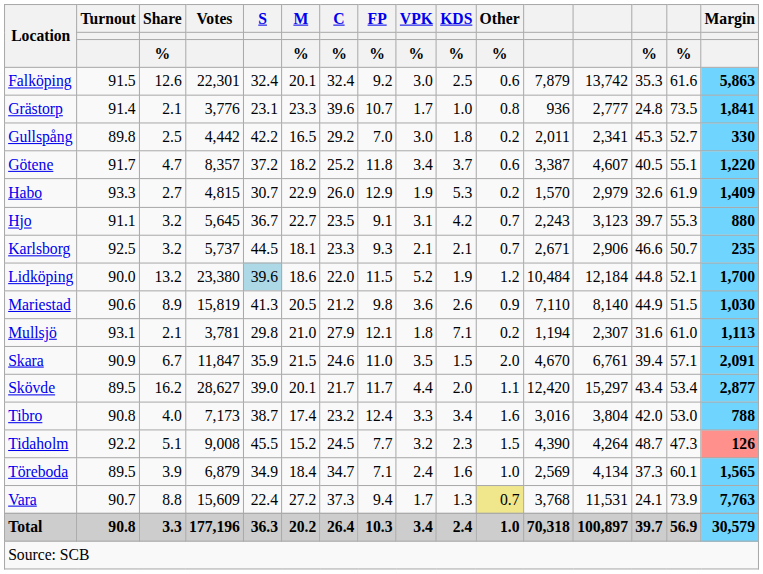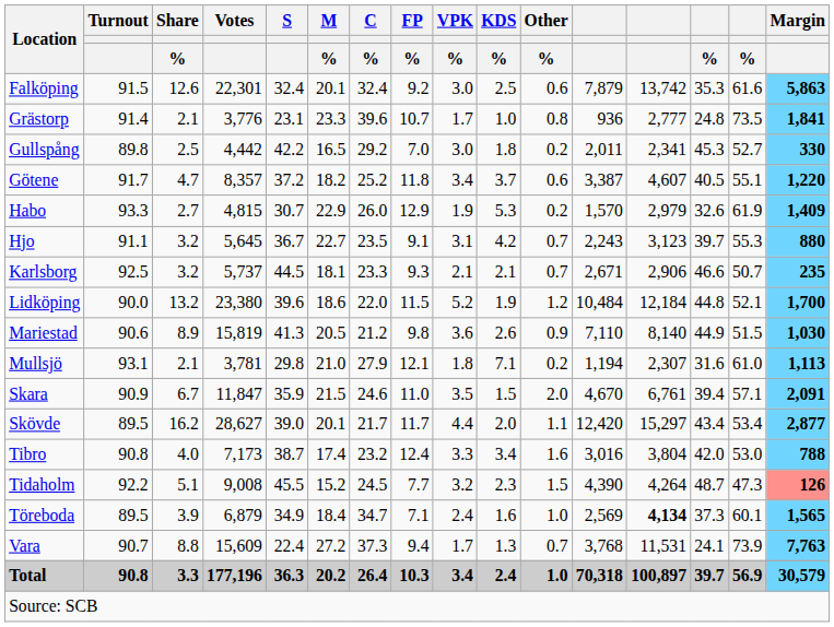 <table class="wikitable sortable" style="text-align:right; font-size:95%; line-height:20px;">
 <tr>
 <th rowspan="3">Location</th>
 <th>Turnout</th>
 <th>Share</th>
 <th>Votes</th>
 <th width="30px" class="unsortable"><a href='#'>S</a></th>
 <th width="30px" class="unsortable"><a href='#'>M</a></th>
 <th width="30px" class="unsortable"><a href='#'>C</a></th>
 <th width="30px" class="unsortable"><a href='#'>FP</a></th>
 <th width="30px" class="unsortable"><a href='#'>VPK</a></th>
 <th width="30px" class="unsortable"><a href='#'>KDS</a></th>
 <th width="30px" class="unsortable">Other</th>
 <th></th>
 <th></th>
 <th></th>
 <th></th>
 <th>Margin</th>
 </tr>
 <tr>
 <th></th>
 <th></th>
 <th></th>
 <th style="background:"></th>
 <th style="background:"></th>
 <th style="background:"></th>
 <th style="background:"></th>
 <th style="background:"></th>
 <th style="background:"></th>
 <th style="background:"></th>
 <th style="background:"></th>
 <th style="background:"></th>
 <th style="background:"></th>
 <th style="background:"></th>
 <th></th>
 </tr>
 <tr>
 <th></th>
 <th data-sort-type="number">%</th>
 <th data-sort-type="number"></th>
 <th></th>
 <th data-sort-type="number">%</th>
 <th data-sort-type="number">%</th>
 <th data-sort-type="number">%</th>
 <th data-sort-type="number">%</th>
 <th data-sort-type="number">%</th>
 <th data-sort-type="number">%</th>
 <th data-sort-type="number"></th>
 <th data-sort-type="number"></th>
 <th data-sort-type="number">%</th>
 <th data-sort-type="number">%</th>
 <th data-sort-type="number"></th>
 </tr>
 <tr>
 <td align=left><a href='#'>Falköping</a></td>
 <td>91.5</td>
 <td>12.6</td>
 <td>22,301</td>
 <td>32.4</td>
 <td>20.1</td>
 <td>32.4</td>
 <td>9.2</td>
 <td>3.0</td>
 <td>2.5</td>
 <td>0.6</td>
 <td>7,879</td>
 <td>13,742</td>
 <td>35.3</td>
 <td>61.6</td>
 <td bgcolor=#6fd5fe><strong>5,863</strong></td>
 </tr>
 <tr>
 <td align=left><a href='#'>Grästorp</a></td>
 <td>91.4</td>
 <td>2.1</td>
 <td>3,776</td>
 <td>23.1</td>
 <td>23.3</td>
 <td>39.6</td>
 <td>10.7</td>
 <td>1.7</td>
 <td>1.0</td>
 <td>0.8</td>
 <td>936</td>
 <td>2,777</td>
 <td>24.8</td>
 <td>73.5</td>
 <td bgcolor=#6fd5fe><strong>1,841</strong></td>
 </tr>
 <tr>
 <td align=left><a href='#'>Gullspång</a></td>
 <td>89.8</td>
 <td>2.5</td>
 <td>4,442</td>
 <td>42.2</td>
 <td>16.5</td>
 <td>29.2</td>
 <td>7.0</td>
 <td>3.0</td>
 <td>1.8</td>
 <td>0.2</td>
 <td>2,011</td>
 <td>2,341</td>
 <td>45.3</td>
 <td>52.7</td>
 <td bgcolor=#6fd5fe><strong>330</strong></td>
 </tr>
 <tr>
 <td align=left><a href='#'>Götene</a></td>
 <td>91.7</td>
 <td>4.7</td>
 <td>8,357</td>
 <td>37.2</td>
 <td>18.2</td>
 <td>25.2</td>
 <td>11.8</td>
 <td>3.4</td>
 <td>3.7</td>
 <td>0.6</td>
 <td>3,387</td>
 <td>4,607</td>
 <td>40.5</td>
 <td>55.1</td>
 <td bgcolor=#6fd5fe><strong>1,220</strong></td>
 </tr>
 <tr>
 <td align=left><a href='#'>Habo</a></td>
 <td>93.3</td>
 <td>2.7</td>
 <td>4,815</td>
 <td>30.7</td>
 <td>22.9</td>
 <td>26.0</td>
 <td>12.9</td>
 <td>1.9</td>
 <td>5.3</td>
 <td>0.2</td>
 <td>1,570</td>
 <td>2,979</td>
 <td>32.6</td>
 <td>61.9</td>
 <td bgcolor=#6fd5fe><strong>1,409</strong></td>
 </tr>
 <tr>
 <td align=left><a href='#'>Hjo</a></td>
 <td>91.1</td>
 <td>3.2</td>
 <td>5,645</td>
 <td>36.7</td>
 <td>22.7</td>
 <td>23.5</td>
 <td>9.1</td>
 <td>3.1</td>
 <td>4.2</td>
 <td>0.7</td>
 <td>2,243</td>
 <td>3,123</td>
 <td>39.7</td>
 <td>55.3</td>
 <td bgcolor=#6fd5fe><strong>880</strong></td>
 </tr>
 <tr>
 <td align=left><a href='#'>Karlsborg</a></td>
 <td>92.5</td>
 <td>3.2</td>
 <td>5,737</td>
 <td>44.5</td>
 <td>18.1</td>
 <td>23.3</td>
 <td>9.3</td>
 <td>2.1</td>
 <td>2.1</td>
 <td>0.7</td>
 <td>2,671</td>
 <td>2,906</td>
 <td>46.6</td>
 <td>50.7</td>
 <td bgcolor=#6fd5fe><strong>235</strong></td>
 </tr>
 <tr>
 <td align=left><a href='#'>Lidköping</a></td>
 <td>90.0</td>
 <td>13.2</td>
 <td>23,380</td>
-<td style="background: lightblue;">39.6</td>
+<td>39.6</td>
 <td>18.6</td>
 <td>22.0</td>
 <td>11.5</td>
 <td>5.2</td>
 <td>1.9</td>
 <td>1.2</td>
 <td>10,484</td>
 <td>12,184</td>
 <td>44.8</td>
 <td>52.1</td>
 <td bgcolor=#6fd5fe><strong>1,700</strong></td>
 </tr>
 <tr>
 <td align=left><a href='#'>Mariestad</a></td>
 <td>90.6</td>
 <td>8.9</td>
 <td>15,819</td>
 <td>41.3</td>
 <td>20.5</td>
 <td>21.2</td>
 <td>9.8</td>
 <td>3.6</td>
 <td>2.6</td>
 <td>0.9</td>
 <td>7,110</td>
 <td>8,140</td>
 <td>44.9</td>
 <td>51.5</td>
 <td bgcolor=#6fd5fe><strong>1,030</strong></td>
 </tr>
 <tr>
 <td align=left><a href='#'>Mullsjö</a></td>
 <td>93.1</td>
 <td>2.1</td>
 <td>3,781</td>
 <td>29.8</td>
 <td>21.0</td>
 <td>27.9</td>
 <td>12.1</td>
 <td>1.8</td>
 <td>7.1</td>
 <td>0.2</td>
 <td>1,194</td>
 <td>2,307</td>
 <td>31.6</td>
 <td>61.0</td>
 <td bgcolor=#6fd5fe><strong>1,113</strong></td>
 </tr>
 <tr>
 <td align=left><a href='#'>Skara</a></td>
 <td>90.9</td>
 <td>6.7</td>
 <td>11,847</td>
 <td>35.9</td>
 <td>21.5</td>
 <td>24.6</td>
 <td>11.0</td>
 <td>3.5</td>
 <td>1.5</td>
 <td>2.0</td>
 <td>4,670</td>
 <td>6,761</td>
 <td>39.4</td>
 <td>57.1</td>
 <td bgcolor=#6fd5fe><strong>2,091</strong></td>
 </tr>
 <tr>
 <td align=left><a href='#'>Skövde</a></td>
 <td>89.5</td>
 <td>16.2</td>
 <td>28,627</td>
 <td>39.0</td>
 <td>20.1</td>
 <td>21.7</td>
 <td>11.7</td>
 <td>4.4</td>
 <td>2.0</td>
 <td>1.1</td>
 <td>12,420</td>
 <td>15,297</td>
 <td>43.4</td>
 <td>53.4</td>
 <td bgcolor=#6fd5fe><strong>2,877</strong></td>
 </tr>
 <tr>
 <td align=left><a href='#'>Tibro</a></td>
 <td>90.8</td>
 <td>4.0</td>
 <td>7,173</td>
 <td>38.7</td>
 <td>17.4</td>
 <td>23.2</td>
 <td>12.4</td>
 <td>3.3</td>
 <td>3.4</td>
 <td>1.6</td>
 <td>3,016</td>
 <td>3,804</td>
 <td>42.0</td>
 <td>53.0</td>
 <td bgcolor=#6fd5fe><strong>788</strong></td>
 </tr>
 <tr>
 <td align=left><a href='#'>Tidaholm</a></td>
 <td>92.2</td>
 <td>5.1</td>
 <td>9,008</td>
 <td>45.5</td>
 <td>15.2</td>
 <td>24.5</td>
 <td>7.7</td>
 <td>3.2</td>
 <td>2.3</td>
 <td>1.5</td>
 <td>4,390</td>
 <td>4,264</td>
 <td>48.7</td>
 <td>47.3</td>
 <td bgcolor=#ff908c><strong>126</strong></td>
 </tr>
 <tr>
 <td align=left><a href='#'>Töreboda</a></td>
 <td>89.5</td>
 <td>3.9</td>
 <td>6,879</td>
 <td>34.9</td>
 <td>18.4</td>
 <td>34.7</td>
 <td>7.1</td>
 <td>2.4</td>
 <td>1.6</td>
 <td>1.0</td>
 <td>2,569</td>
-<td>4,134</td>
+<td><strong>4,134</strong></td>
 <td>37.3</td>
 <td>60.1</td>
 <td bgcolor=#6fd5fe><strong>1,565</strong></td>
 </tr>
 <tr>
 <td align=left><a href='#'>Vara</a></td>
 <td>90.7</td>
 <td>8.8</td>
 <td>15,609</td>
 <td>22.4</td>
 <td>27.2</td>
 <td>37.3</td>
 <td>9.4</td>
 <td>1.7</td>
 <td>1.3</td>
-<td style="background: khaki;">0.7</td>
+<td>0.7</td>
 <td>3,768</td>
 <td>11,531</td>
 <td>24.1</td>
 <td>73.9</td>
 <td bgcolor=#6fd5fe><strong>7,763</strong></td>
 </tr>
 <tr>
 </tr>
 <tr style="background:#CDCDCD;">
 <td align=left><strong>Total</strong></td>
 <td><strong>90.8</strong></td>
 <td><strong>3.3</strong></td>
 <td><strong>177,196</strong></td>
 <td><strong>36.3</strong></td>
 <td><strong>20.2</strong></td>
 <td><strong>26.4</strong></td>
 <td><strong>10.3</strong></td>
 <td><strong>3.4</strong></td>
 <td><strong>2.4</strong></td>
 <td><strong>1.0</strong></td>
 <td><strong>70,318</strong></td>
 <td><strong>100,897</strong></td>
 <td><strong>39.7</strong></td>
 <td><strong>56.9</strong></td>
 <td bgcolor=#6fd5fe><strong>30,579</strong></td>
 </tr>
 <tr>
 <td align=left colspan=16>Source: SCB </td>
 </tr>
 </table>
